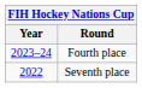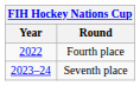 <table class="wikitable" style="text-align: center; font-size: 90%;">
 <tr>
 <th colspan="8"><a href='#'>FIH Hockey Nations Cup</a></th>
 </tr>
 <tr>
 <th>Year</th>
 <th>Round</th>
 </tr>
 <tr>
-<td> <a href='#'>2023–24</a></td>
+<td> <a href='#'>2022</a></td>
 <td>Fourth place</td>
 </tr>
 <tr>
-<td> <a href='#'>2022</a></td>
+<td> <a href='#'>2023–24</a></td>
 <td>Seventh place</td>
 </tr>
 </table>
